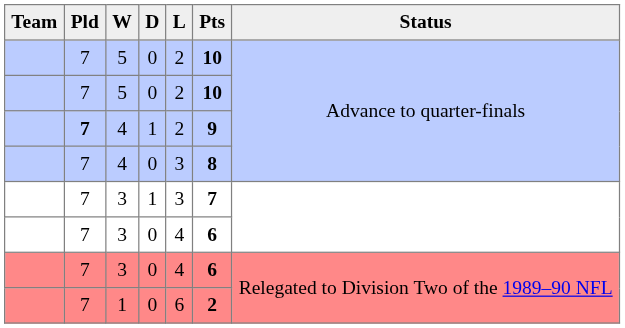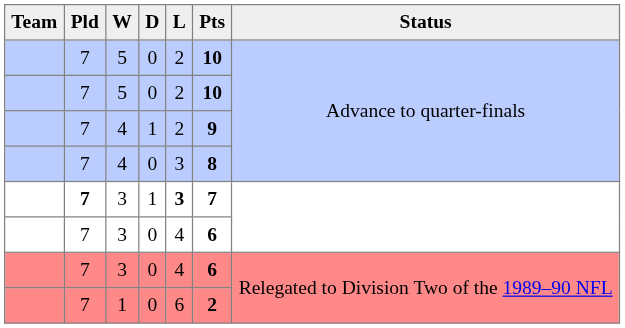 <table style=border-collapse:collapse border=1 cellspacing=0 cellpadding=5>
 <tr align=center bgcolor=#efefef>
 <th>Team</th>
 <th>Pld</th>
 <th>W</th>
 <th>D</th>
 <th>L</th>
 <th>Pts</th>
 <th>Status</th>
 </tr>
 <tr align=center style="background:#bbccff;">
 <td style="text-align:left;"> </td>
 <td>7</td>
 <td>5</td>
 <td>0</td>
 <td>2</td>
 <td><strong>10</strong></td>
 <td rowspan=4>Advance to quarter-finals</td>
 </tr>
 <tr align=center style="background:#bbccff;">
 <td style="text-align:left;"> </td>
 <td>7</td>
 <td>5</td>
 <td>0</td>
 <td>2</td>
 <td><strong>10</strong></td>
 </tr>
 <tr align=center style="background:#bbccff;">
 <td style="text-align:left;"> </td>
-<td><strong>7</strong></td>
+<td>7</td>
 <td>4</td>
 <td>1</td>
 <td>2</td>
 <td><strong>9</strong></td>
 </tr>
 <tr align=center style="background:#bbccff;">
 <td style="text-align:left;"> </td>
 <td>7</td>
 <td>4</td>
 <td>0</td>
 <td>3</td>
 <td><strong>8</strong></td>
 </tr>
 <tr align=center style="background:#FFFFFF;">
 <td style="text-align:left;"> </td>
-<td>7</td>
+<td><strong>7</strong></td>
 <td>3</td>
 <td>1</td>
-<td>3</td>
+<td><strong>3</strong></td>
 <td><strong>7</strong></td>
 <td rowspan=2></td>
 </tr>
 <tr align=center style="background:#FFFFFF;">
 <td style="text-align:left;"> </td>
 <td>7</td>
 <td>3</td>
 <td>0</td>
 <td>4</td>
 <td><strong>6</strong></td>
 </tr>
 <tr align=center style="background:#FF8888;">
 <td style="text-align:left;"> </td>
 <td>7</td>
 <td>3</td>
 <td>0</td>
 <td>4</td>
 <td><strong>6</strong></td>
 <td rowspan=2>Relegated to Division Two of the <a href='#'>1989–90 NFL</a></td>
 </tr>
 <tr align=center style="background:#FF8888;">
 <td style="text-align:left;"> </td>
 <td>7</td>
 <td>1</td>
 <td>0</td>
 <td>6</td>
 <td><strong>2</strong></td>
 </tr>
 </table>
